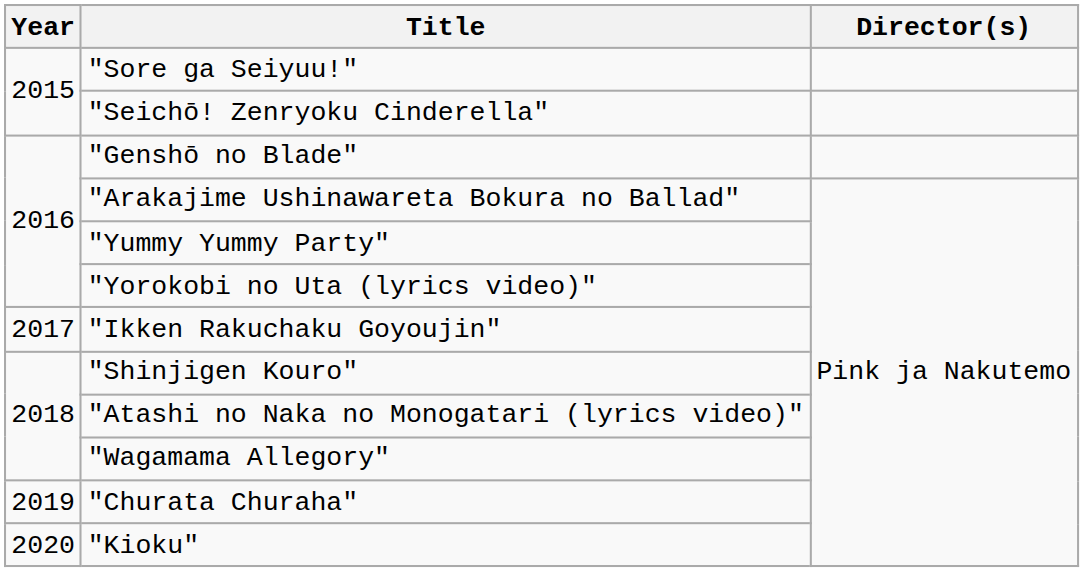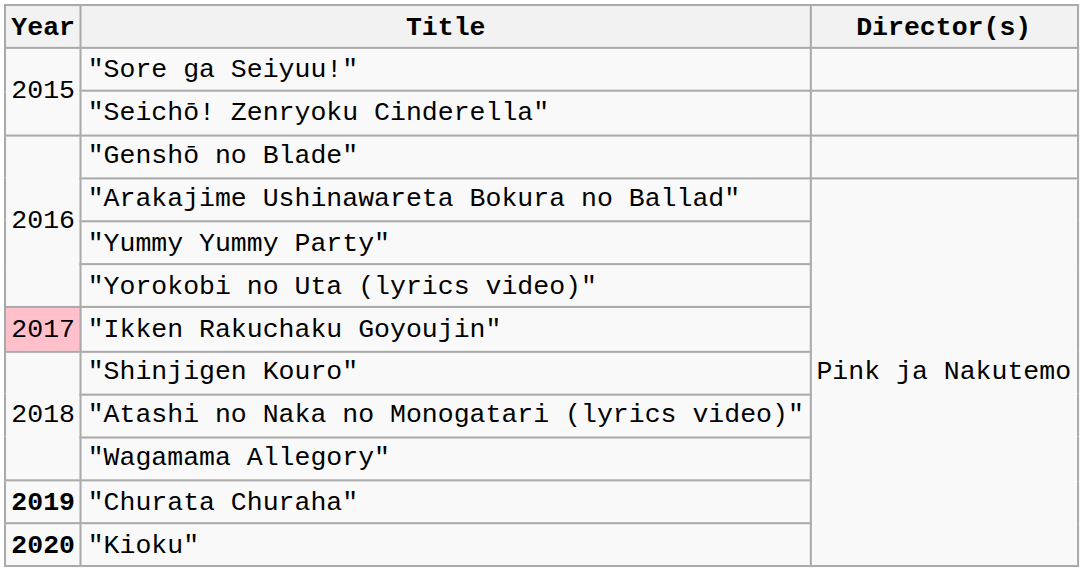 <table class="wikitable">
 <tr>
 <th>Year</th>
 <th>Title</th>
 <th>Director(s)</th>
 </tr>
 <tr>
 <td rowspan="2">2015</td>
 <td>"Sore ga Seiyuu!"</td>
 <td style="text-align:center"></td>
 </tr>
 <tr>
 <td>"Seichō! Zenryoku Cinderella"</td>
 <td style="text-align:center"></td>
 </tr>
 <tr>
 <td rowspan="4">2016</td>
 <td>"Genshō no Blade"</td>
 <td style="text-align:center"></td>
 </tr>
 <tr>
 <td>"Arakajime Ushinawareta Bokura no Ballad"</td>
 <td rowspan="9" style="text-align:center">Pink ja Nakutemo</td>
 </tr>
 <tr>
 <td>"Yummy Yummy Party"</td>
 </tr>
 <tr>
 <td>"Yorokobi no Uta (lyrics video)"</td>
 </tr>
 <tr>
-<td>2017</td>
+<td style="background: pink;">2017</td>
 <td>"Ikken Rakuchaku Goyoujin"</td>
 </tr>
 <tr>
 <td rowspan="3">2018</td>
 <td>"Shinjigen Kouro"</td>
 </tr>
 <tr>
 <td>"Atashi no Naka no Monogatari (lyrics video)"</td>
 </tr>
 <tr>
 <td>"Wagamama Allegory"</td>
 </tr>
 <tr>
-<td rowspan="1">2019</td>
+<td rowspan="1"><strong>2019</strong></td>
 <td>"Churata Churaha"</td>
 </tr>
 <tr>
-<td rowspan="1">2020</td>
+<td rowspan="1"><strong>2020</strong></td>
 <td>"Kioku"</td>
 </tr>
 </table>
